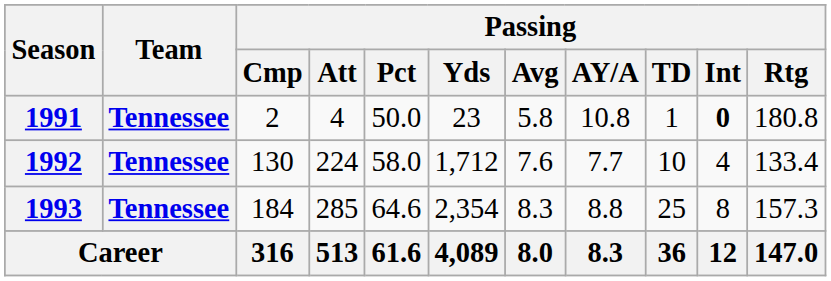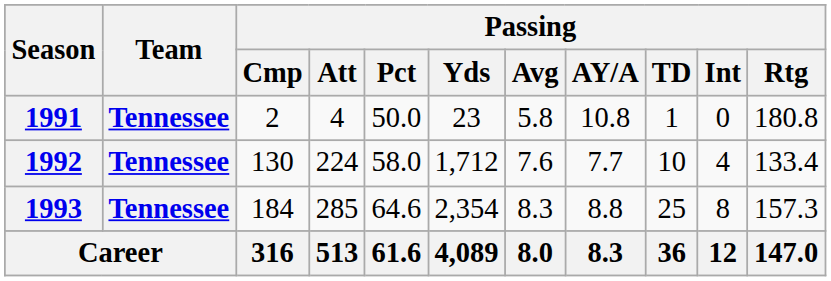 <table class="wikitable" style="text-align:center;">
 <tr>
 <th rowspan="2">Season</th>
 <th rowspan="2">Team</th>
 <th colspan="9">Passing</th>
 </tr>
 <tr>
 <th>Cmp</th>
 <th>Att</th>
 <th>Pct</th>
 <th>Yds</th>
 <th>Avg</th>
 <th>AY/A</th>
 <th>TD</th>
 <th>Int</th>
 <th>Rtg</th>
 </tr>
 <tr>
 <th><a href='#'>1991</a></th>
 <th><a href='#'>Tennessee</a></th>
 <td>2</td>
 <td>4</td>
 <td>50.0</td>
 <td>23</td>
 <td>5.8</td>
 <td>10.8</td>
 <td>1</td>
-<td><strong>0</strong></td>
+<td>0</td>
 <td>180.8</td>
 </tr>
 <tr>
 <th><a href='#'>1992</a></th>
 <th><a href='#'>Tennessee</a></th>
 <td>130</td>
 <td>224</td>
 <td>58.0</td>
 <td>1,712</td>
 <td>7.6</td>
 <td>7.7</td>
 <td>10</td>
 <td>4</td>
 <td>133.4</td>
 </tr>
 <tr>
 <th><a href='#'>1993</a></th>
 <th><a href='#'>Tennessee</a></th>
 <td>184</td>
 <td>285</td>
 <td>64.6</td>
 <td>2,354</td>
 <td>8.3</td>
 <td>8.8</td>
 <td>25</td>
 <td>8</td>
 <td>157.3</td>
 </tr>
 <tr>
 <th colspan="2">Career</th>
 <th>316</th>
 <th>513</th>
 <th>61.6</th>
 <th>4,089</th>
 <th>8.0</th>
 <th>8.3</th>
 <th>36</th>
 <th>12</th>
 <th>147.0</th>
 </tr>
 </table>
